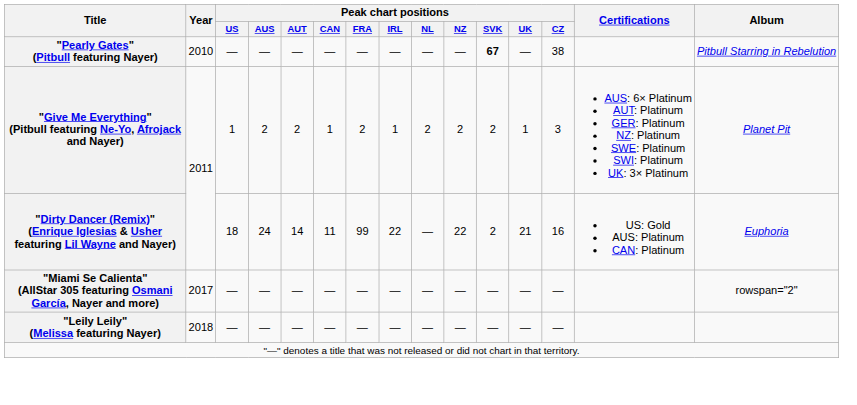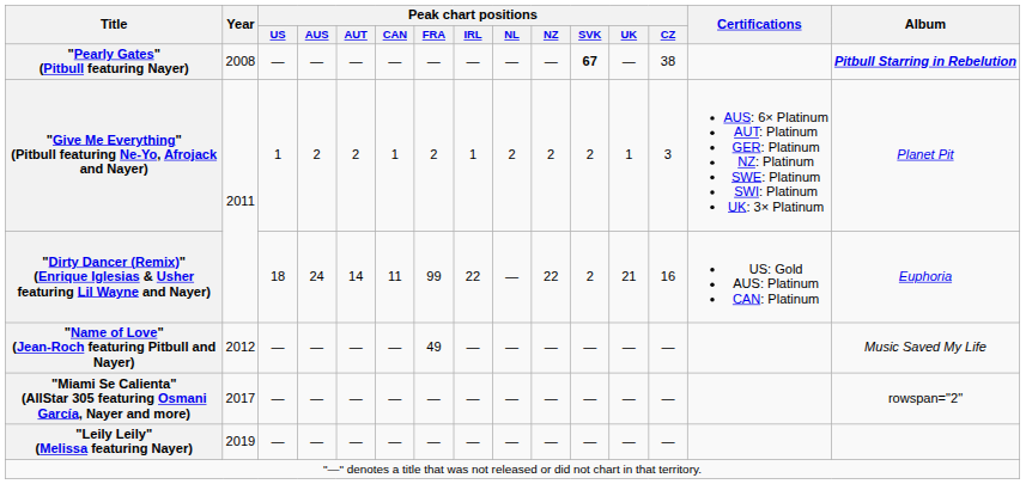 <table class="wikitable plainrowheaders" style="text-align:center;">
 <tr>
 <th scope="col" rowspan="2" style="width:16em;">Title</th>
 <th scope="col" rowspan="2">Year</th>
 <th scope="col" colspan="11">Peak chart positions</th>
 <th scope="col" rowspan="2"><a href='#'>Certifications</a></th>
 <th scope="col" rowspan="2">Album</th>
 </tr>
 <tr>
 <th scope="col" style="width:3em;font-size:85%;"><a href='#'>US</a><br></th>
 <th scope="col" style="width:3em;font-size:85%;"><a href='#'>AUS</a><br></th>
 <th scope="col" style="width:3em;font-size:85%;"><a href='#'>AUT</a><br></th>
 <th scope="col" style="width:3em;font-size:85%;"><a href='#'>CAN</a><br></th>
 <th scope="col" style="width:3em;font-size:85%;"><a href='#'>FRA</a><br></th>
 <th scope="col" style="width:3em;font-size:85%;"><a href='#'>IRL</a><br></th>
 <th scope="col" style="width:3em;font-size:85%;"><a href='#'>NL</a><br></th>
 <th scope="col" style="width:3em;font-size:85%;"><a href='#'>NZ</a><br></th>
 <th scope="col" style="width:3em;font-size:85%;"><a href='#'>SVK</a><br></th>
 <th scope="col" style="width:3em;font-size:85%;"><a href='#'>UK</a><br></th>
 <th scope="col" style="width:3em;font-size:85%;"><a href='#'>CZ</a><br></th>
 </tr>
 <tr>
 <th scope="row">"<a href='#'>Pearly Gates</a>"<br><span>(<a href='#'>Pitbull</a> featuring Nayer)</span></th>
-<td>2010</td>
+<td>2008</td>
 <td>—</td>
 <td>—</td>
 <td>—</td>
 <td>—</td>
 <td>—</td>
 <td>—</td>
 <td>—</td>
 <td>—</td>
 <td><strong>67</strong></td>
 <td>—</td>
 <td>38</td>
 <td></td>
-<td><em><a href='#'>Pitbull Starring in Rebelution</a></em></td>
+<td><strong><em><a href='#'>Pitbull Starring in Rebelution</a></em></strong></td>
 </tr>
 <tr>
 <th scope="row">"<a href='#'>Give Me Everything</a>"<br><span>(Pitbull featuring <a href='#'>Ne-Yo</a>, <a href='#'>Afrojack</a> and Nayer)</span></th>
 <td rowspan="2">2011</td>
 <td>1</td>
 <td>2</td>
 <td>2</td>
 <td>1</td>
 <td>2</td>
 <td>1</td>
 <td>2</td>
 <td>2</td>
 <td>2</td>
 <td>1</td>
 <td>3</td>
 <td><br><ul><li><a href='#'>AUS</a>: 6× Platinum</li><li><a href='#'>AUT</a>: Platinum</li><li><a href='#'>GER</a>: Platinum</li><li><a href='#'>NZ</a>: Platinum</li><li><a href='#'>SWE</a>: Platinum</li><li><a href='#'>SWI</a>: Platinum</li><li><a href='#'>UK</a>: 3× Platinum</li></ul></td>
 <td><em><a href='#'>Planet Pit</a></em></td>
 </tr>
 <tr>
 <th scope="row">"<a href='#'>Dirty Dancer (Remix)</a>" <br><span>(<a href='#'>Enrique Iglesias</a> & <a href='#'>Usher</a> featuring <a href='#'>Lil Wayne</a> and Nayer)</span></th>
 <td>18</td>
 <td>24</td>
 <td>14</td>
 <td>11</td>
 <td>99</td>
 <td>22</td>
 <td>—</td>
 <td>22</td>
 <td>2</td>
 <td>21</td>
 <td>16</td>
 <td><br><ul><li>US: Gold</li><li>AUS: Platinum</li><li><a href='#'>CAN</a>: Platinum</li></ul></td>
 <td><em><a href='#'>Euphoria</a></em></td>
 </tr>
 <tr>
+<th scope="row">"<a href='#'>Name of Love</a>"<br><span>(<a href='#'>Jean-Roch</a> featuring Pitbull and Nayer)</span></th>
+<td>2012</td>
+<td>—</td>
+<td>—</td>
+<td>—</td>
+<td>—</td>
+<td>49</td>
+<td>—</td>
+<td>—</td>
+<td>—</td>
+<td>—</td>
+<td>—</td>
+<td>—</td>
+<td></td>
+<td><em>Music Saved My Life</em></td>
+</tr>
+<tr>
 <th scope="row">"Miami Se Calienta"<br><span>(AllStar 305 featuring <a href='#'>Osmani García</a>, Nayer and more)</span></th>
 <td>2017</td>
 <td>—</td>
 <td>—</td>
 <td>—</td>
 <td>—</td>
 <td>—</td>
 <td>—</td>
 <td>—</td>
 <td>—</td>
 <td>—</td>
 <td>—</td>
 <td>—</td>
 <td></td>
 <td>rowspan="2" </td>
 </tr>
 <tr>
 <th scope="row">"Leily Leily"<br><span>(<a href='#'>Melissa</a> featuring Nayer)</span></th>
-<td>2018</td>
+<td>2019</td>
 <td>—</td>
 <td>—</td>
 <td>—</td>
 <td>—</td>
 <td>—</td>
 <td>—</td>
 <td>—</td>
 <td>—</td>
 <td>—</td>
 <td>—</td>
 <td>—</td>
 <td></td>
 </tr>
 <tr>
 <td colspan="15" style="text-align:center;font-size:90%;">"—" denotes a title that was not released or did not chart in that territory.</td>
 </tr>
 </table>
